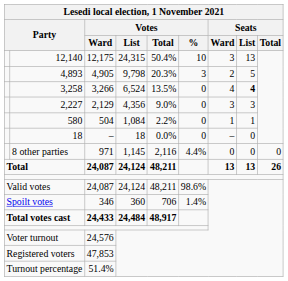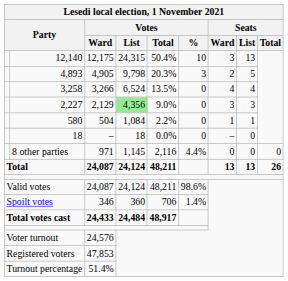 <table class=wikitable style="text-align:right">
 <tr>
 <th colspan="9" align="center">Lesedi local election, 1 November 2021</th>
 </tr>
 <tr>
 <th rowspan="2" colspan="2">Party</th>
 <th colspan="4" align="center">Votes</th>
 <th colspan="3" align="center">Seats</th>
 </tr>
 <tr>
 <th>Ward</th>
 <th>List</th>
 <th>Total</th>
 <th>%</th>
 <th>Ward</th>
 <th>List</th>
 <th>Total</th>
 </tr>
 <tr>
 <td></td>
 <td>12,140</td>
 <td>12,175</td>
 <td>24,315</td>
 <td>50.4%</td>
 <td>10</td>
 <td>3</td>
 <td>13</td>
 </tr>
 <tr>
 <td></td>
 <td>4,893</td>
 <td>4,905</td>
 <td>9,798</td>
 <td>20.3%</td>
 <td>3</td>
 <td>2</td>
 <td>5</td>
 </tr>
 <tr>
 <td></td>
 <td>3,258</td>
 <td>3,266</td>
 <td>6,524</td>
 <td>13.5%</td>
 <td>0</td>
 <td>4</td>
-<td><strong>4</strong></td>
+<td>4</td>
 </tr>
 <tr>
 <td></td>
 <td>2,227</td>
 <td>2,129</td>
-<td>4,356</td>
+<td style="background: lightgreen;">4,356</td>
 <td>9.0%</td>
 <td>0</td>
 <td>3</td>
 <td>3</td>
 </tr>
 <tr>
 <td></td>
 <td>580</td>
 <td>504</td>
 <td>1,084</td>
 <td>2.2%</td>
 <td>0</td>
 <td>1</td>
 <td>1</td>
 </tr>
 <tr>
 <td></td>
 <td>18</td>
 <td>–</td>
 <td>18</td>
 <td>0.0%</td>
 <td>0</td>
 <td>–</td>
 <td>0</td>
 </tr>
 <tr>
 <td></td>
 <td style="text-align:left">8 other parties</td>
 <td>971</td>
 <td>1,145</td>
 <td>2,116</td>
 <td>4.4%</td>
 <td>0</td>
 <td>0</td>
 <td>0</td>
 </tr>
 <tr>
 <td colspan="2" style="text-align:left"><strong>Total</strong></td>
 <td><strong>24,087</strong></td>
 <td><strong>24,124</strong></td>
 <td><strong>48,211</strong></td>
 <td></td>
 <td><strong>13</strong></td>
 <td><strong>13</strong></td>
 <td><strong>26</strong></td>
 </tr>
 <tr>
 <td colspan="9"></td>
 </tr>
 <tr>
 <td colspan="2" style="text-align:left">Valid votes</td>
 <td>24,087</td>
 <td>24,124</td>
 <td>48,211</td>
 <td>98.6%</td>
 </tr>
 <tr>
 <td colspan="2" style="text-align:left"><a href='#'>Spoilt votes</a></td>
 <td>346</td>
 <td>360</td>
 <td>706</td>
 <td>1.4%</td>
 </tr>
 <tr>
 <td colspan="2" style="text-align:left"><strong>Total votes cast</strong></td>
 <td><strong>24,433</strong></td>
 <td><strong>24,484</strong></td>
 <td><strong>48,917</strong></td>
 <td></td>
 </tr>
 <tr>
 <td colspan="6"></td>
 </tr>
 <tr>
 <td colspan="2" style="text-align:left">Voter turnout</td>
 <td>24,576</td>
 </tr>
 <tr>
 <td colspan="2" style="text-align:left">Registered voters</td>
 <td>47,853</td>
 </tr>
 <tr>
 <td colspan="2" style="text-align:left">Turnout percentage</td>
 <td>51.4%</td>
 </tr>
 </table>
